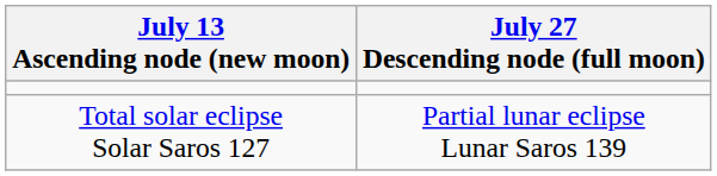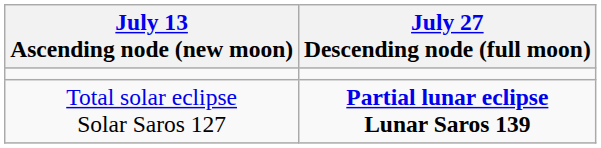 <table class="wikitable">
 <tr>
 <th><a href='#'>July 13</a><br>Ascending node (new moon)<br></th>
 <th><a href='#'>July 27</a><br>Descending node (full moon)<br></th>
 </tr>
 <tr>
 <td></td>
 <td></td>
 </tr>
 <tr align=center>
 <td><a href='#'>Total solar eclipse</a><br>Solar Saros 127</td>
-<td><a href='#'>Partial lunar eclipse</a><br>Lunar Saros 139</td>
+<td><strong><a href='#'>Partial lunar eclipse</a><br>Lunar Saros 139</strong></td>
 </tr>
 </table>
